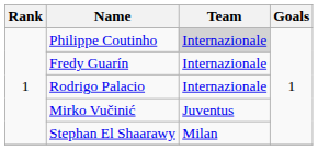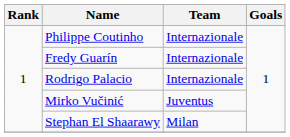 <table class="wikitable" style="text-align: center;">
 <tr>
 <th>Rank</th>
 <th>Name</th>
 <th>Team</th>
 <th>Goals</th>
 </tr>
 <tr>
 <td rowspan=5>1</td>
 <td align="left"> <a href='#'>Philippe Coutinho</a></td>
-<td align="left" style="background: lightgrey;"> <a href='#'>Internazionale</a></td>
+<td align="left"> <a href='#'>Internazionale</a></td>
 <td rowspan="5">1</td>
 </tr>
 <tr>
 <td align="left"> <a href='#'>Fredy Guarín</a></td>
 <td align="left"> <a href='#'>Internazionale</a></td>
 </tr>
 <tr>
 <td align="left"> <a href='#'>Rodrigo Palacio</a></td>
 <td align="left"> <a href='#'>Internazionale</a></td>
 </tr>
 <tr>
 <td align="left"> <a href='#'>Mirko Vučinić</a></td>
 <td align="left"> <a href='#'>Juventus</a></td>
 </tr>
 <tr>
 <td align="left"> <a href='#'>Stephan El Shaarawy</a></td>
 <td align="left"> <a href='#'>Milan</a></td>
 </tr>
 <tr>
 </tr>
 </table>
